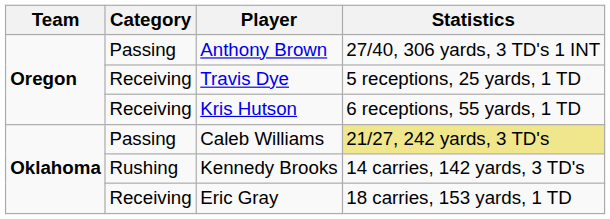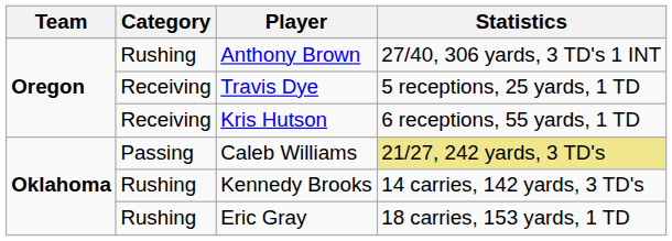 <table class="wikitable" style="float: right;">
 <tr>
 <th>Team</th>
 <th>Category</th>
 <th>Player</th>
 <th>Statistics</th>
 </tr>
 <tr>
 <td rowspan=3><strong>Oregon</strong></td>
-<td>Passing</td>
+<td>Rushing</td>
 <td><a href='#'>Anthony Brown</a></td>
 <td>27/40, 306 yards, 3 TD's 1 INT</td>
 </tr>
 <tr>
 <td>Receiving</td>
 <td><a href='#'>Travis Dye</a></td>
 <td>5 receptions, 25 yards, 1 TD</td>
 </tr>
 <tr>
 <td>Receiving</td>
 <td><a href='#'>Kris Hutson</a></td>
 <td>6 receptions, 55 yards, 1 TD</td>
 </tr>
 <tr>
 <td rowspan=3><strong>Oklahoma</strong></td>
 <td>Passing</td>
 <td>Caleb Williams</td>
 <td style="background: khaki;">21/27, 242 yards, 3 TD's</td>
 </tr>
 <tr>
 <td>Rushing</td>
 <td>Kennedy Brooks</td>
 <td>14 carries, 142 yards, 3 TD's</td>
 </tr>
 <tr>
-<td>Receiving</td>
+<td>Rushing</td>
 <td>Eric Gray</td>
 <td>18 carries, 153 yards, 1 TD</td>
 </tr>
 </table>
